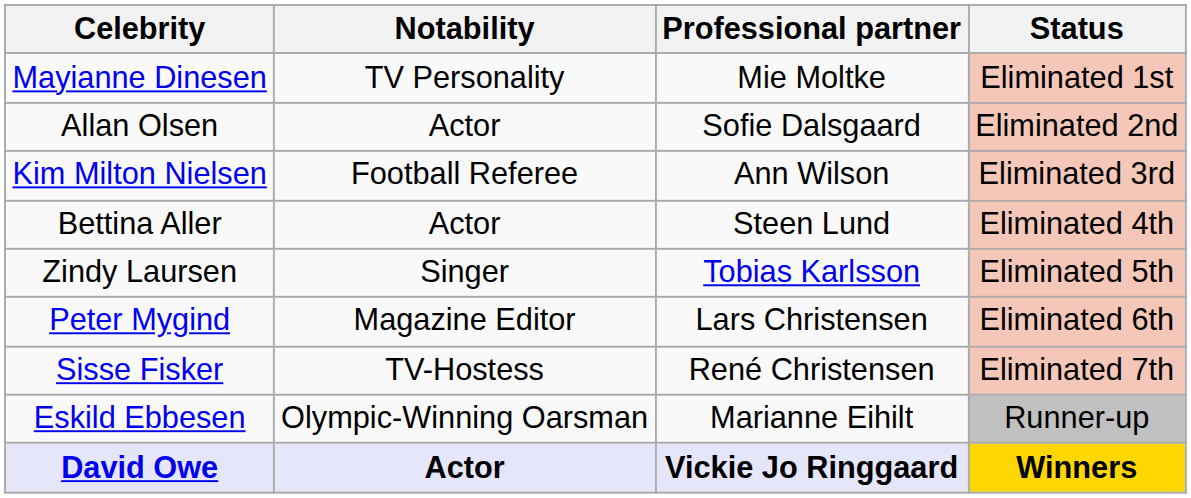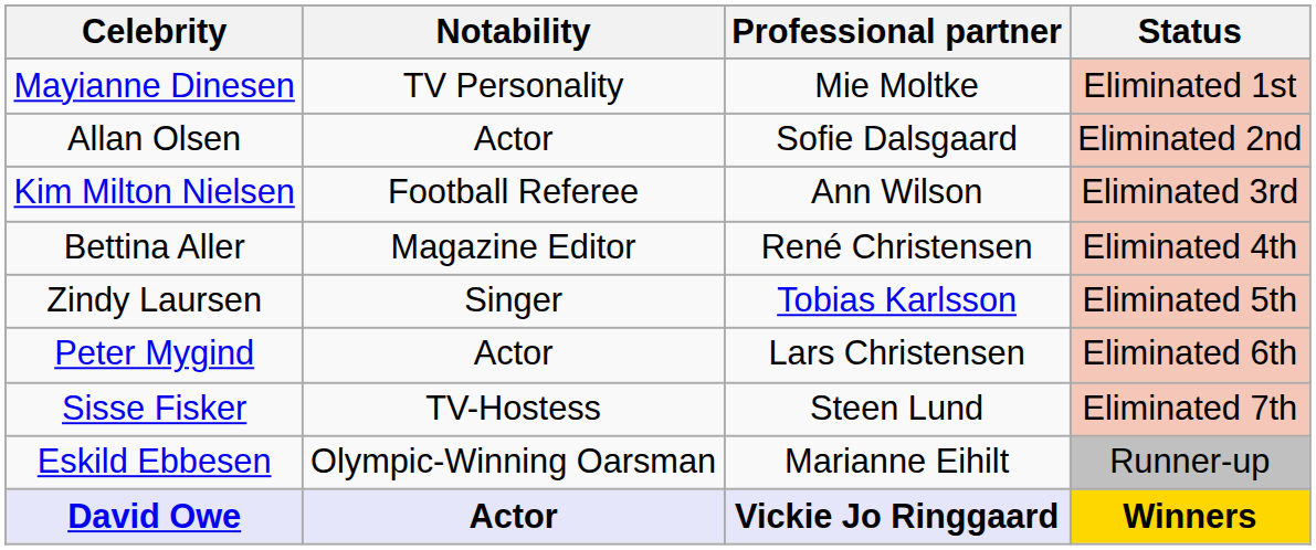 <table class= "wikitable sortable" style="text-align: center; margin:auto; align: center">
 <tr>
 <th>Celebrity</th>
 <th>Notability</th>
 <th>Professional partner</th>
 <th>Status</th>
 </tr>
 <tr>
 <td><a href='#'>Mayianne Dinesen</a></td>
 <td>TV Personality</td>
 <td>Mie Moltke</td>
 <td style="background:#f4c7b8;">Eliminated 1st</td>
 </tr>
 <tr>
 <td>Allan Olsen</td>
 <td>Actor</td>
 <td>Sofie Dalsgaard</td>
 <td style="background:#f4c7b8;">Eliminated 2nd</td>
 </tr>
 <tr>
 <td><a href='#'>Kim Milton Nielsen</a></td>
 <td>Football Referee</td>
 <td>Ann Wilson</td>
 <td style="background:#f4c7b8;">Eliminated 3rd</td>
 </tr>
 <tr>
 <td>Bettina Aller</td>
-<td>Actor</td>
-<td>Steen Lund</td>
+<td>Magazine Editor</td>
+<td>René Christensen</td>
 <td style="background:#f4c7b8;">Eliminated 4th</td>
 </tr>
 <tr>
 <td>Zindy Laursen</td>
 <td>Singer</td>
 <td><a href='#'>Tobias Karlsson</a></td>
 <td style="background:#f4c7b8;">Eliminated 5th</td>
 </tr>
 <tr>
 <td><a href='#'>Peter Mygind</a></td>
-<td>Magazine Editor</td>
+<td>Actor</td>
 <td>Lars Christensen</td>
 <td style="background:#f4c7b8;">Eliminated 6th</td>
 </tr>
 <tr>
 <td><a href='#'>Sisse Fisker</a></td>
 <td>TV-Hostess</td>
-<td>René Christensen</td>
+<td>Steen Lund</td>
 <td style="background:#f4c7b8;">Eliminated 7th</td>
 </tr>
 <tr>
 <td><a href='#'>Eskild Ebbesen</a></td>
 <td>Olympic-Winning Oarsman</td>
 <td>Marianne Eihilt</td>
 <td style="background:silver;">Runner-up</td>
 </tr>
 <tr>
 <td style="background:lavender;"><strong><a href='#'>David Owe</a></strong></td>
 <td style="background:lavender;"><strong>Actor</strong></td>
 <td style="background:lavender;"><strong>Vickie Jo Ringgaard</strong></td>
 <td style="background:gold;"><strong>Winners</strong></td>
 </tr>
 </table>
